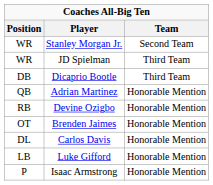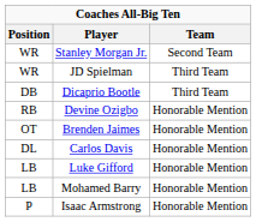 <table class="wikitable sortable" style="text-align:center">
 <tr>
 <td colspan="3"><strong>Coaches All-Big Ten</strong></td>
 </tr>
 <tr>
 <th>Position</th>
 <th>Player</th>
 <th>Team</th>
 </tr>
 <tr style="text-align:center;">
 <td style="background:white">WR</td>
 <td style="background:white"><a href='#'>Stanley Morgan Jr.</a></td>
 <td style="background:white">Second Team</td>
 </tr>
 <tr style="text-align:center;">
 <td style="background:white">WR</td>
 <td style="background:white">JD Spielman</td>
 <td style="background:white">Third Team</td>
 </tr>
 <tr style="text-align:center;">
 <td style="background:white">DB</td>
 <td style="background:white"><a href='#'>Dicaprio Bootle</a></td>
 <td style="background:white">Third Team</td>
 </tr>
 <tr style="text-align:center;">
-<td style="background:white">QB</td>
-<td style="background:white"><a href='#'>Adrian Martinez</a></td>
-<td style="background:white">Honorable Mention</td>
-</tr>
-<tr style="text-align:center;">
 <td style="background:white">RB</td>
 <td style="background:white"><a href='#'>Devine Ozigbo</a></td>
 <td style="background:white">Honorable Mention</td>
 </tr>
 <tr style="text-align:center;">
 <td style="background:white">OT</td>
 <td style="background:white"><a href='#'>Brenden Jaimes</a></td>
 <td style="background:white">Honorable Mention</td>
 </tr>
 <tr style="text-align:center;">
 <td style="background:white">DL</td>
 <td style="background:white"><a href='#'>Carlos Davis</a></td>
 <td style="background:white">Honorable Mention</td>
 </tr>
 <tr style="text-align:center;">
 <td style="background:white">LB</td>
 <td style="background:white"><a href='#'>Luke Gifford</a></td>
 <td style="background:white">Honorable Mention</td>
 </tr>
 <tr style="text-align:center;">
+<td style="background:white">LB</td>
+<td style="background:white">Mohamed Barry</td>
+<td style="background:white">Honorable Mention</td>
+</tr>
+<tr style="text-align:center;">
 <td style="background:white">P</td>
 <td style="background:white">Isaac Armstrong</td>
 <td style="background:white">Honorable Mention</td>
 </tr>
 </table>
